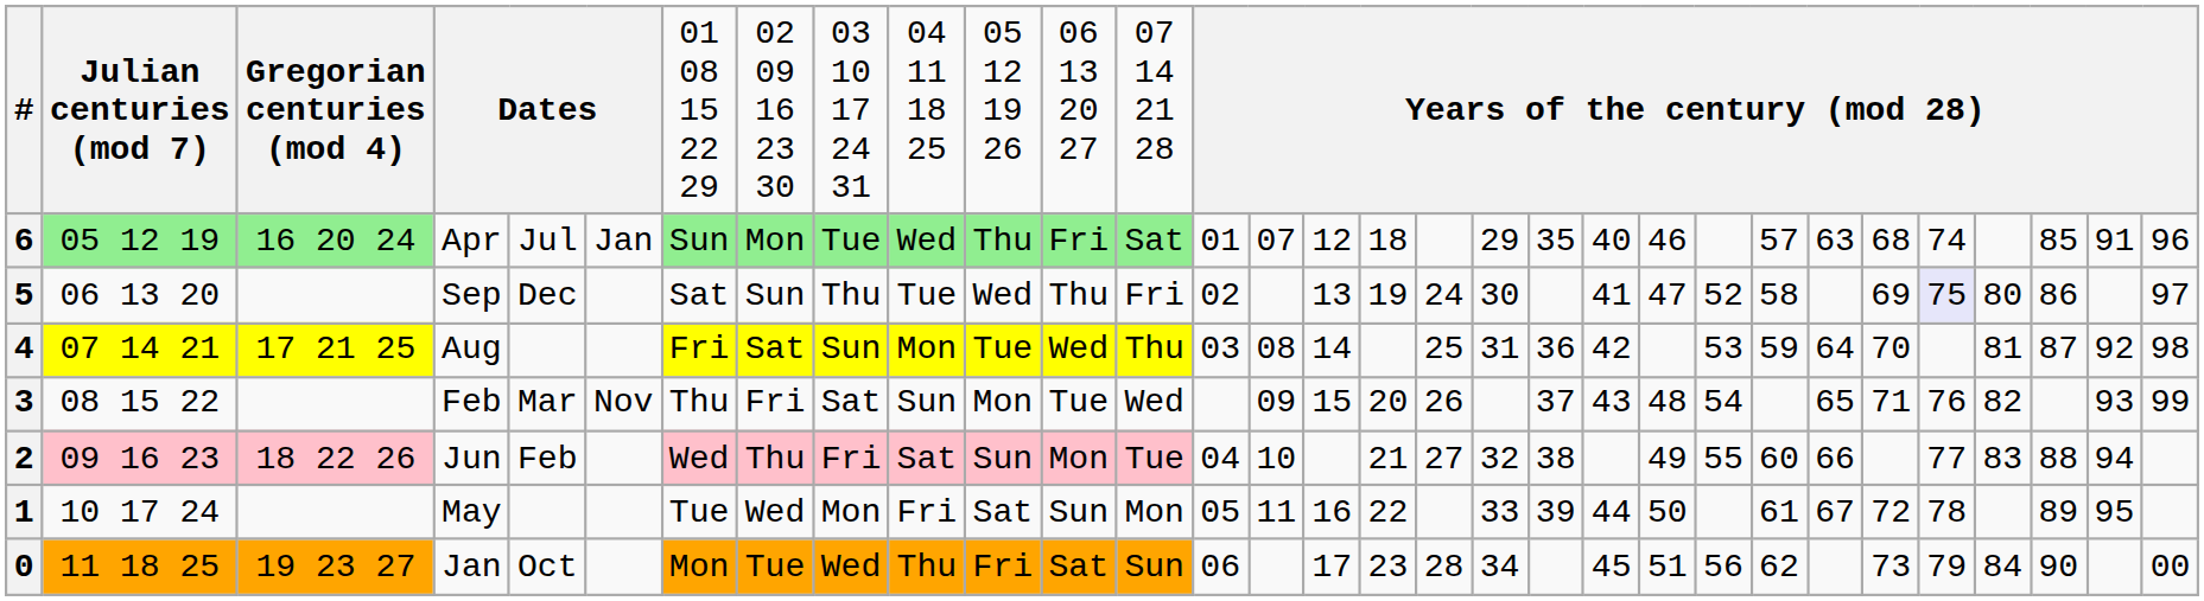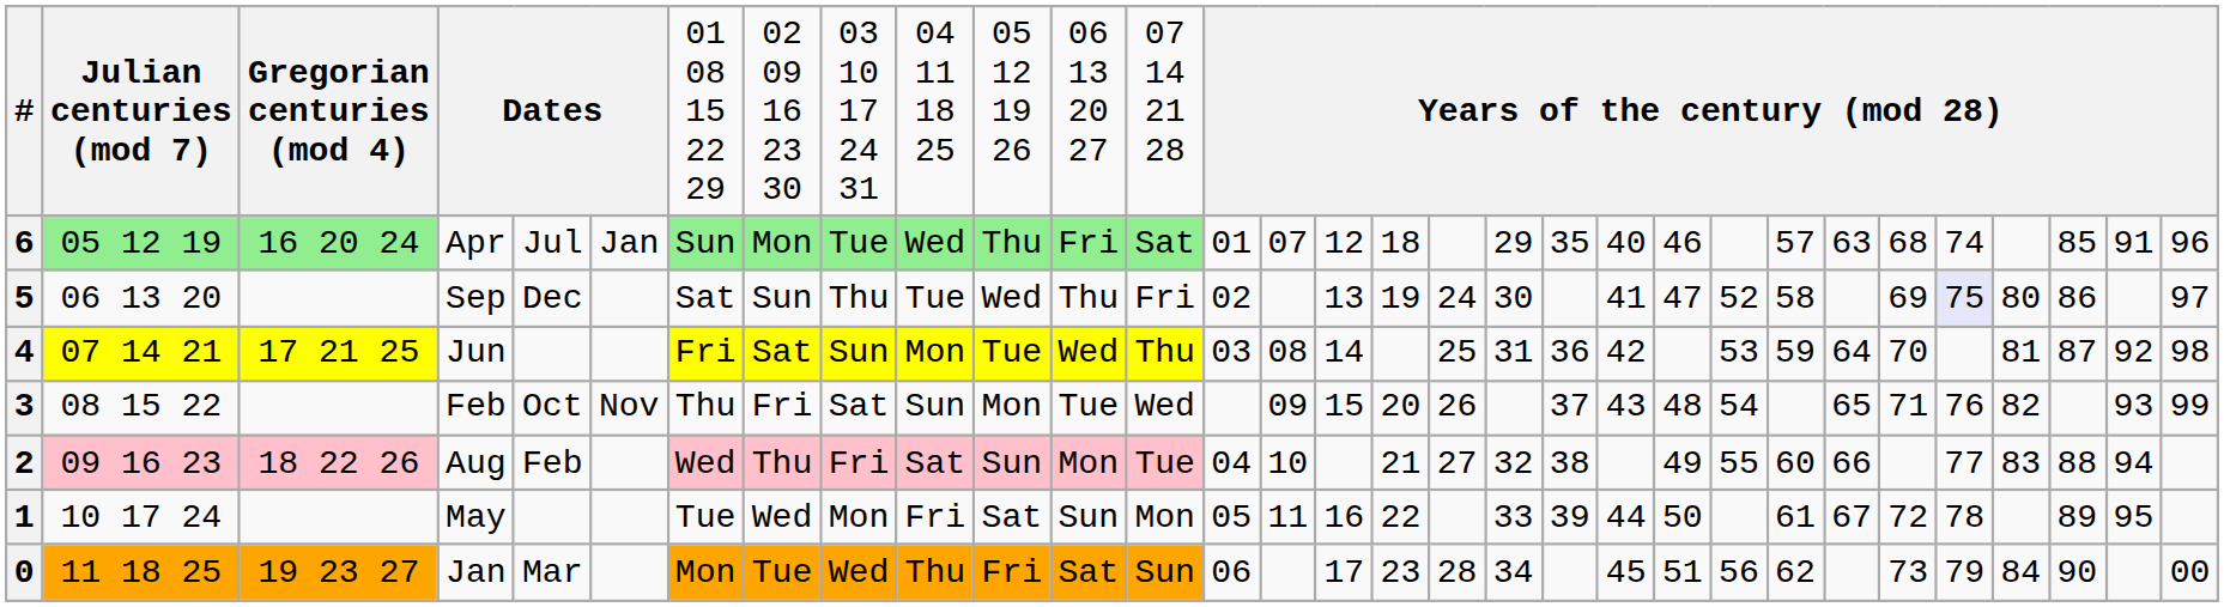 <table class="wikitable" style="text-align:center">
 <tr>
 <th>#</th>
 <th>Julian<br>centuries<br>(mod 7)</th>
 <th>Gregorian<br>centuries<br>(mod 4)</th>
 <th colspan=3>Dates</th>
 <td>01<br>08<br>15<br>22<br>29</td>
 <td>02<br>09<br>16<br>23<br>30</td>
 <td>03<br>10<br>17<br>24<br>31</td>
 <td>04<br>11<br>18<br>25<br> <br></td>
 <td>05<br>12<br>19<br>26<br> <br></td>
 <td>06<br>13<br>20<br>27<br> <br></td>
 <td>07<br>14<br>21<br>28<br> <br></td>
 <th ! colspan=18>Years of the century (mod 28)</th>
 </tr>
 <tr>
 <th>6</th>
 <td style="background-color: lightgreen"><span>05 12 19</span></td>
 <td style="background-color: lightgreen"><span>16 20 24</span></td>
 <td>Apr</td>
 <td>Jul</td>
 <td><span>Jan</span></td>
 <td style="background-color: lightgreen"><span>Sun</span></td>
 <td style="background-color: lightgreen">Mon</td>
 <td style="background-color: lightgreen">Tue</td>
 <td style="background-color: lightgreen">Wed</td>
 <td style="background-color: lightgreen">Thu</td>
 <td style="background-color: lightgreen">Fri</td>
 <td style="background-color: lightgreen">Sat</td>
 <td>01</td>
 <td>07</td>
 <td><span>12</span></td>
 <td>18</td>
 <td></td>
 <td>29</td>
 <td>35</td>
 <td><span>40</span></td>
 <td>46</td>
 <td></td>
 <td>57</td>
 <td>63</td>
 <td><span>68</span></td>
 <td>74</td>
 <td></td>
 <td>85</td>
 <td>91</td>
 <td><span>96</span></td>
 </tr>
 <tr>
 <th>5</th>
 <td><span>06 13 20</span></td>
 <td></td>
 <td>Sep</td>
 <td>Dec</td>
 <td></td>
 <td><span>Sat</span></td>
 <td>Sun</td>
 <td>Thu</td>
 <td>Tue</td>
 <td>Wed</td>
 <td>Thu</td>
 <td>Fri</td>
 <td>02</td>
 <td></td>
 <td>13</td>
 <td>19</td>
 <td><span>24</span></td>
 <td>30</td>
 <td></td>
 <td>41</td>
 <td>47</td>
 <td><span>52</span></td>
 <td>58</td>
 <td></td>
 <td>69</td>
 <td style="background: lavender;">75</td>
 <td><span>80</span></td>
 <td>86</td>
 <td></td>
 <td>97</td>
 </tr>
 <tr>
 <th>4</th>
 <td style="background-color: yellow"><span>07 14 21</span></td>
 <td style="background-color: yellow">17 21 25</td>
-<td>Aug</td>
+<td>Jun</td>
 <td></td>
 <td></td>
 <td style="background-color: yellow"><span>Fri</span></td>
 <td style="background-color: yellow">Sat</td>
 <td style="background-color: yellow">Sun</td>
 <td style="background-color: yellow">Mon</td>
 <td style="background-color: yellow">Tue</td>
 <td style="background-color: yellow">Wed</td>
 <td style="background-color: yellow">Thu</td>
 <td>03</td>
 <td><span>08</span></td>
 <td>14</td>
 <td></td>
 <td>25</td>
 <td>31</td>
 <td><span>36</span></td>
 <td>42</td>
 <td></td>
 <td>53</td>
 <td>59</td>
 <td><span>64</span></td>
 <td>70</td>
 <td></td>
 <td>81</td>
 <td>87</td>
 <td><span>92</span></td>
 <td>98</td>
 </tr>
 <tr>
 <th>3</th>
 <td><span>08 15 22</span></td>
 <td></td>
 <td>Feb</td>
-<td>Mar</td>
+<td>Oct</td>
 <td>Nov</td>
 <td><span>Thu</span></td>
 <td>Fri</td>
 <td>Sat</td>
 <td>Sun</td>
 <td>Mon</td>
 <td>Tue</td>
 <td>Wed</td>
 <td></td>
 <td>09</td>
 <td>15</td>
 <td><span>20</span></td>
 <td>26</td>
 <td></td>
 <td>37</td>
 <td>43</td>
 <td><span>48</span></td>
 <td>54</td>
 <td></td>
 <td>65</td>
 <td>71</td>
 <td><span>76</span></td>
 <td>82</td>
 <td></td>
 <td>93</td>
 <td>99</td>
 </tr>
 <tr>
 <th>2</th>
 <td style="background-color: pink"><span>09 16 23</span></td>
 <td style="background-color: pink">18 22 26</td>
-<td>Jun</td>
+<td>Aug</td>
 <td><span>Feb</span></td>
 <td></td>
 <td style="background-color: pink"><span>Wed</span></td>
 <td style="background-color: pink">Thu</td>
 <td style="background-color: pink">Fri</td>
 <td style="background-color: pink">Sat</td>
 <td style="background-color: pink">Sun</td>
 <td style="background-color: pink">Mon</td>
 <td style="background-color: pink">Tue</td>
 <td><span>04</span></td>
 <td>10</td>
 <td></td>
 <td>21</td>
 <td>27</td>
 <td><span>32</span></td>
 <td>38</td>
 <td></td>
 <td>49</td>
 <td>55</td>
 <td><span>60</span></td>
 <td>66</td>
 <td></td>
 <td>77</td>
 <td>83</td>
 <td><span>88</span></td>
 <td>94</td>
 <td></td>
 </tr>
 <tr>
 <th>1</th>
 <td><span>10 17 24</span></td>
 <td></td>
 <td>May</td>
 <td></td>
 <td></td>
 <td><span>Tue</span></td>
 <td>Wed</td>
 <td>Mon</td>
 <td>Fri</td>
 <td>Sat</td>
 <td>Sun</td>
 <td>Mon</td>
 <td>05</td>
 <td>11</td>
 <td><span>16</span></td>
 <td>22</td>
 <td></td>
 <td>33</td>
 <td>39</td>
 <td><span>44</span></td>
 <td>50</td>
 <td></td>
 <td>61</td>
 <td>67</td>
 <td><span>72</span></td>
 <td>78</td>
 <td></td>
 <td>89</td>
 <td>95</td>
 <td></td>
 </tr>
 <tr>
 <th>0</th>
 <td style="background-color: orange"><span>11 18 25</span></td>
 <td style="background-color: orange">19 23 27</td>
 <td>Jan</td>
-<td>Oct</td>
+<td>Mar</td>
 <td></td>
 <td style="background-color: orange"><span>Mon</span></td>
 <td style="background-color: orange"><span>Tue</span></td>
 <td style="background-color: orange"><span>Wed</span></td>
 <td style="background-color: orange"><span>Thu</span></td>
 <td style="background-color: orange"><span>Fri</span></td>
 <td style="background-color: orange"><span>Sat</span></td>
 <td style="background-color: orange"><span>Sun</span></td>
 <td>06</td>
 <td></td>
 <td>17</td>
 <td>23</td>
 <td><span>28</span></td>
 <td>34</td>
 <td></td>
 <td>45</td>
 <td>51</td>
 <td><span>56</span></td>
 <td>62</td>
 <td></td>
 <td>73</td>
 <td>79</td>
 <td><span>84</span></td>
 <td>90</td>
 <td></td>
 <td><span>0</span>0</td>
 </tr>
 </table>
